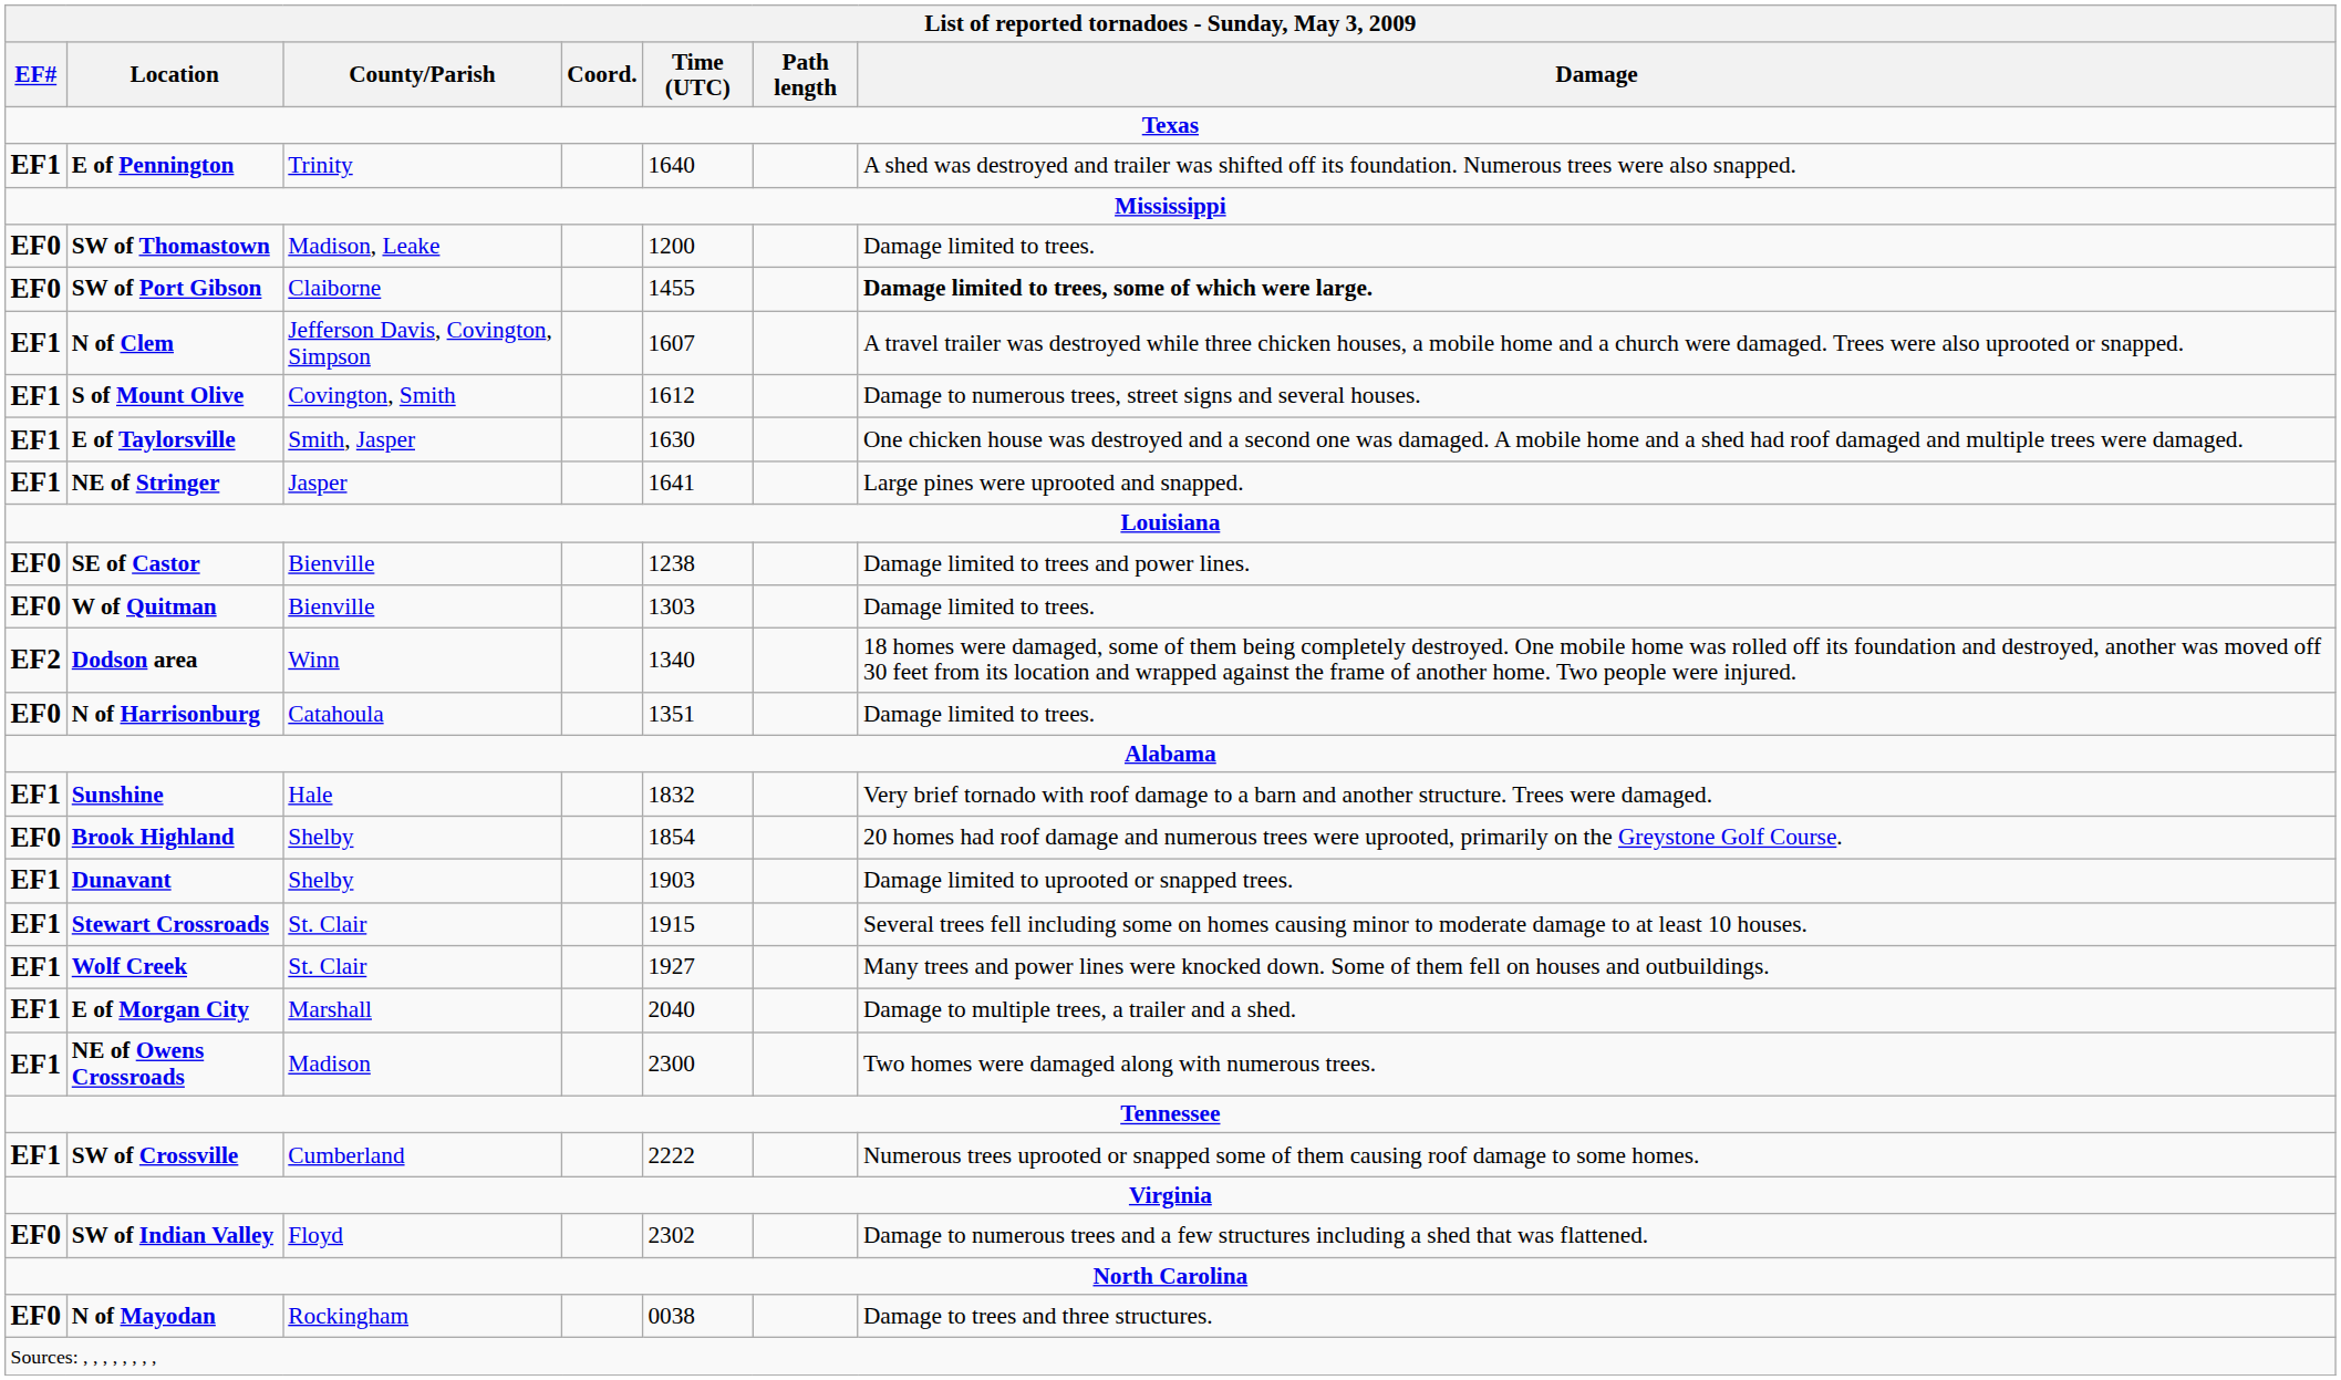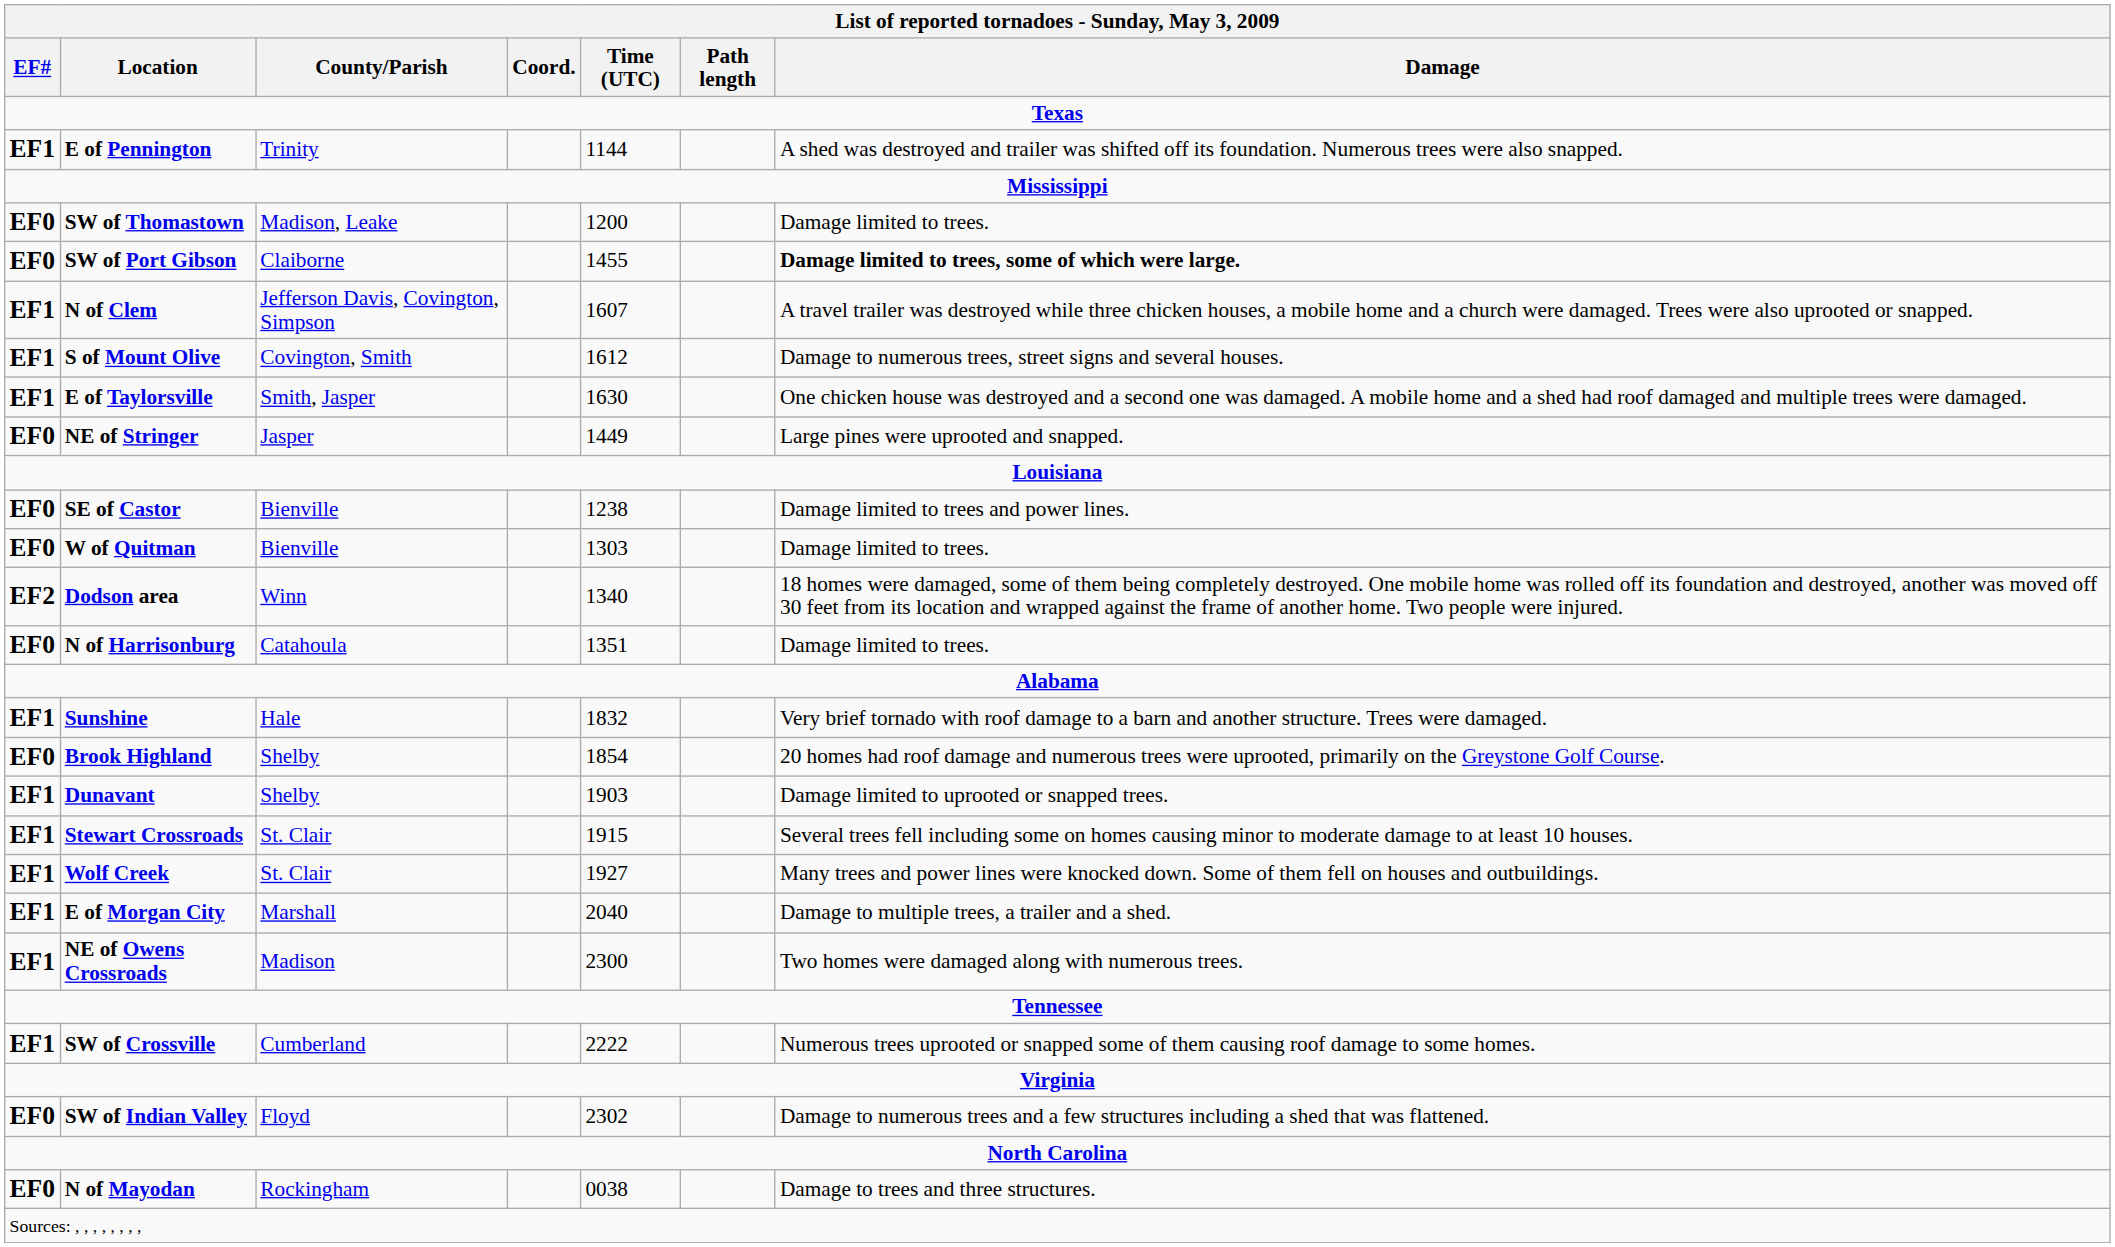 <table class="wikitable collapsible" width="100%">
 <tr>
 <th colspan="7">List of reported tornadoes - Sunday, May 3, 2009</th>
 </tr>
 <tr>
 <th><a href='#'>EF#</a></th>
 <th>Location</th>
 <th>County/Parish</th>
 <th>Coord.</th>
 <th>Time (UTC)</th>
 <th>Path length</th>
 <th>Damage</th>
 </tr>
 <tr>
 <td colspan="7" align=center><strong><a href='#'>Texas</a></strong></td>
 </tr>
 <tr>
 <td><big><strong>EF1</strong></big></td>
 <td><strong>E of <a href='#'>Pennington</a></strong></td>
 <td><a href='#'>Trinity</a></td>
 <td></td>
-<td>1640</td>
+<td>1144</td>
 <td></td>
 <td>A shed was destroyed and trailer was shifted off its foundation. Numerous trees were also snapped.</td>
 </tr>
 <tr>
 <td colspan="7" align=center><strong><a href='#'>Mississippi</a></strong></td>
 </tr>
 <tr>
 <td><big><strong>EF0</strong></big></td>
 <td><strong>SW of <a href='#'>Thomastown</a></strong></td>
 <td><a href='#'>Madison</a>, <a href='#'>Leake</a></td>
 <td></td>
 <td>1200</td>
 <td></td>
 <td>Damage limited to trees.</td>
 </tr>
 <tr>
 <td><big><strong>EF0</strong></big></td>
 <td><strong>SW of <a href='#'>Port Gibson</a></strong></td>
 <td><a href='#'>Claiborne</a></td>
 <td></td>
 <td>1455</td>
 <td></td>
 <td><strong>Damage limited to trees, some of which were large.</strong></td>
 </tr>
 <tr>
 <td><big><strong>EF1</strong></big></td>
 <td><strong>N of <a href='#'>Clem</a></strong></td>
 <td><a href='#'>Jefferson Davis</a>, <a href='#'>Covington</a>, <a href='#'>Simpson</a></td>
 <td></td>
 <td>1607</td>
 <td></td>
 <td>A travel trailer was destroyed while three chicken houses, a mobile home and a church were damaged. Trees were also uprooted or snapped.</td>
 </tr>
 <tr>
 <td><big><strong>EF1</strong></big></td>
 <td><strong>S of <a href='#'>Mount Olive</a></strong></td>
 <td><a href='#'>Covington</a>, <a href='#'>Smith</a></td>
 <td></td>
 <td>1612</td>
 <td></td>
 <td>Damage to numerous trees, street signs and several houses.</td>
 </tr>
 <tr>
 <td><big><strong>EF1</strong></big></td>
 <td><strong>E of <a href='#'>Taylorsville</a></strong></td>
 <td><a href='#'>Smith</a>, <a href='#'>Jasper</a></td>
 <td></td>
 <td>1630</td>
 <td></td>
 <td>One chicken house was destroyed and a second one was damaged. A mobile home and a shed had roof damaged and multiple trees were damaged.</td>
 </tr>
 <tr>
-<td><big><strong>EF1</strong></big></td>
+<td><big><strong>EF0</strong></big></td>
 <td><strong>NE of <a href='#'>Stringer</a></strong></td>
 <td><a href='#'>Jasper</a></td>
 <td></td>
-<td>1641</td>
+<td>1449</td>
 <td></td>
 <td>Large pines were uprooted and snapped.</td>
 </tr>
 <tr>
 <td colspan="7" align=center><strong><a href='#'>Louisiana</a></strong></td>
 </tr>
 <tr>
 <td><big><strong>EF0</strong></big></td>
 <td><strong>SE of <a href='#'>Castor</a></strong></td>
 <td><a href='#'>Bienville</a></td>
 <td></td>
 <td>1238</td>
 <td></td>
 <td>Damage limited to trees and power lines.</td>
 </tr>
 <tr>
 <td><big><strong>EF0</strong></big></td>
 <td><strong>W of <a href='#'>Quitman</a></strong></td>
 <td><a href='#'>Bienville</a></td>
 <td></td>
 <td>1303</td>
 <td></td>
 <td>Damage limited to trees.</td>
 </tr>
 <tr>
 <td><big><strong>EF2</strong></big></td>
 <td><strong><a href='#'>Dodson</a> area</strong></td>
 <td><a href='#'>Winn</a></td>
 <td></td>
 <td>1340</td>
 <td></td>
 <td>18 homes were damaged, some of them being completely destroyed. One mobile home was rolled off its foundation and destroyed, another was moved off 30 feet from its location and wrapped against the frame of another home. Two people were injured.</td>
 </tr>
 <tr>
 <td><big><strong>EF0</strong></big></td>
 <td><strong>N of <a href='#'>Harrisonburg</a></strong></td>
 <td><a href='#'>Catahoula</a></td>
 <td></td>
 <td>1351</td>
 <td></td>
 <td>Damage limited to trees.</td>
 </tr>
 <tr>
 <td colspan="7" align=center><strong><a href='#'>Alabama</a></strong></td>
 </tr>
 <tr>
 <td><big><strong>EF1</strong></big></td>
 <td><strong><a href='#'>Sunshine</a></strong></td>
 <td><a href='#'>Hale</a></td>
 <td></td>
 <td>1832</td>
 <td></td>
 <td>Very brief tornado with roof damage to a barn and another structure. Trees were damaged.</td>
 </tr>
 <tr>
 <td><big><strong>EF0</strong></big></td>
 <td><strong><a href='#'>Brook Highland</a></strong></td>
 <td><a href='#'>Shelby</a></td>
 <td></td>
 <td>1854</td>
 <td></td>
 <td>20 homes had roof damage and numerous trees were uprooted, primarily on the <a href='#'>Greystone Golf Course</a>.</td>
 </tr>
 <tr>
 <td><big><strong>EF1</strong></big></td>
 <td><strong><a href='#'>Dunavant</a></strong></td>
 <td><a href='#'>Shelby</a></td>
 <td></td>
 <td>1903</td>
 <td></td>
 <td>Damage limited to uprooted or snapped trees.</td>
 </tr>
 <tr>
 <td><big><strong>EF1</strong></big></td>
 <td><strong><a href='#'>Stewart Crossroads</a></strong></td>
 <td><a href='#'>St. Clair</a></td>
 <td></td>
 <td>1915</td>
 <td></td>
 <td>Several trees fell including some on homes causing minor to moderate damage to at least 10 houses.</td>
 </tr>
 <tr>
 <td><big><strong>EF1</strong></big></td>
 <td><strong><a href='#'>Wolf Creek</a></strong></td>
 <td><a href='#'>St. Clair</a></td>
 <td></td>
 <td>1927</td>
 <td></td>
 <td>Many trees and power lines were knocked down. Some of them fell on houses and outbuildings.</td>
 </tr>
 <tr>
 <td><big><strong>EF1</strong></big></td>
 <td><strong>E of <a href='#'>Morgan City</a> </strong></td>
 <td><a href='#'>Marshall</a></td>
 <td></td>
 <td>2040</td>
 <td></td>
 <td>Damage to multiple trees, a trailer and a shed.</td>
 </tr>
 <tr>
 <td><big><strong>EF1</strong></big></td>
 <td><strong>NE of <a href='#'>Owens Crossroads</a></strong></td>
 <td><a href='#'>Madison</a></td>
 <td></td>
 <td>2300</td>
 <td></td>
 <td>Two homes were damaged along with numerous trees.</td>
 </tr>
 <tr>
 <td colspan="7" align=center><strong><a href='#'>Tennessee</a></strong></td>
 </tr>
 <tr>
 <td><big><strong>EF1</strong></big></td>
 <td><strong>SW of <a href='#'>Crossville</a></strong></td>
 <td><a href='#'>Cumberland</a></td>
 <td></td>
 <td>2222</td>
 <td></td>
 <td>Numerous trees uprooted or snapped some of them causing roof damage to some homes.</td>
 </tr>
 <tr>
 <td colspan="7" align=center><strong><a href='#'>Virginia</a></strong></td>
 </tr>
 <tr>
 <td><big><strong>EF0</strong></big></td>
 <td><strong>SW of <a href='#'>Indian Valley</a></strong></td>
 <td><a href='#'>Floyd</a></td>
 <td></td>
 <td>2302</td>
 <td></td>
 <td>Damage to numerous trees and a few structures including a shed that was flattened.</td>
 </tr>
 <tr>
 <td colspan="7" align=center><strong><a href='#'>North Carolina</a></strong></td>
 </tr>
 <tr>
 <td><big><strong>EF0</strong></big></td>
 <td><strong>N of <a href='#'>Mayodan</a></strong></td>
 <td><a href='#'>Rockingham</a></td>
 <td></td>
 <td>0038</td>
 <td></td>
 <td>Damage to trees and three structures.</td>
 </tr>
 <tr>
 <td colspan="7"><small>Sources: , , , , , , , , </small></td>
 </tr>
 <tr>
 </tr>
 </table>
